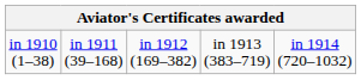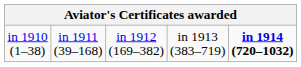 <table class="wikitable">
 <tr>
 <th colspan=5>Aviator's Certificates awarded</th>
 </tr>
 <tr>
 <td align="center"><a href='#'>in 1910</a><br>(1–38)</td>
 <td align="center"><a href='#'>in 1911</a><br>(39–168)</td>
 <td align="center"><a href='#'>in 1912</a><br>(169–382)</td>
 <td align="center">in 1913<br>(383–719)</td>
-<td align="center"><a href='#'>in 1914</a><br>(720–1032)</td>
+<td align="center"><strong><a href='#'>in 1914</a><br>(720–1032)</strong></td>
 </tr>
 </table>
